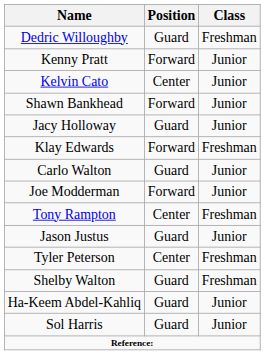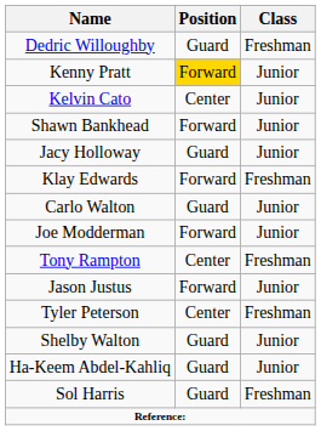 <table class="wikitable" style="text-align: center">
 <tr align=center>
 <th>Name</th>
 <th>Position</th>
 <th>Class</th>
 </tr>
 <tr>
 <td><a href='#'>Dedric Willoughby</a></td>
 <td>Guard</td>
 <td>Freshman</td>
 </tr>
 <tr>
 <td>Kenny Pratt</td>
-<td>Forward</td>
+<td style="background: gold;">Forward</td>
 <td>Junior</td>
 </tr>
 <tr>
 <td><a href='#'>Kelvin Cato</a></td>
 <td>Center</td>
 <td>Junior</td>
 </tr>
 <tr>
 <td>Shawn Bankhead</td>
 <td>Forward</td>
 <td>Junior</td>
 </tr>
 <tr>
 <td>Jacy Holloway</td>
 <td>Guard</td>
 <td>Junior</td>
 </tr>
 <tr>
 <td>Klay Edwards</td>
 <td>Forward</td>
 <td>Freshman</td>
 </tr>
 <tr>
 <td>Carlo Walton</td>
 <td>Guard</td>
 <td>Junior</td>
 </tr>
 <tr>
 <td>Joe Modderman</td>
 <td>Forward</td>
 <td>Junior</td>
 </tr>
 <tr>
 <td><a href='#'>Tony Rampton</a></td>
 <td>Center</td>
 <td>Freshman</td>
 </tr>
 <tr>
 <td>Jason Justus</td>
-<td>Guard</td>
+<td>Forward</td>
 <td>Junior</td>
 </tr>
 <tr>
 <td>Tyler Peterson</td>
 <td>Center</td>
 <td>Freshman</td>
 </tr>
 <tr>
 <td>Shelby Walton</td>
 <td>Guard</td>
-<td>Freshman</td>
+<td>Junior</td>
 </tr>
 <tr>
 <td>Ha-Keem Abdel-Kahliq</td>
 <td>Guard</td>
 <td>Junior</td>
 </tr>
 <tr>
 <td>Sol Harris</td>
 <td>Guard</td>
-<td>Junior</td>
+<td>Freshman</td>
 </tr>
 <tr>
 <td colspan="6"  style="font-size:8pt; text-align:center;"><strong>Reference:</strong></td>
 </tr>
 </table>
